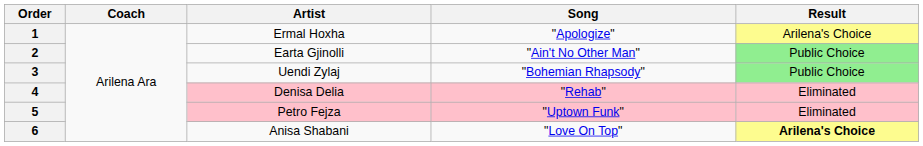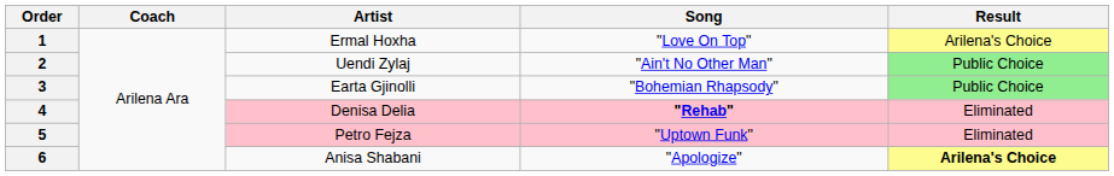 <table class="wikitable" style="text-align:center; width:75%;">
 <tr>
 <th width="05%">Order</th>
 <th width="10%">Coach</th>
 <th width="20%">Artist</th>
 <th width="25%">Song</th>
 <th width="15%">Result</th>
 </tr>
 <tr>
 <th>1</th>
 <td rowspan="6">Arilena Ara</td>
 <td>Ermal Hoxha</td>
-<td>"<a href='#'>Apologize</a>"</td>
+<td>"<a href='#'>Love On Top</a>"</td>
 <td style="background-color:#fdfc8f;">Arilena's Choice</td>
 </tr>
 <tr>
 <th>2</th>
-<td>Earta Gjinolli</td>
+<td>Uendi Zylaj</td>
 <td>"<a href='#'>Ain't No Other Man</a>"</td>
 <td style="background-color:lightgreen;">Public Choice</td>
 </tr>
 <tr>
 <th>3</th>
-<td>Uendi Zylaj</td>
+<td>Earta Gjinolli</td>
 <td>"<a href='#'>Bohemian Rhapsody</a>"</td>
 <td style="background-color:lightgreen;">Public Choice</td>
 </tr>
 <tr>
 <th>4</th>
 <td style="background-color:pink;">Denisa Delia</td>
-<td style="background-color:pink;">"<a href='#'>Rehab</a>"</td>
+<td style="background-color:pink;"><strong>"<a href='#'>Rehab</a>"</strong></td>
 <td style="background-color:pink;">Eliminated</td>
 </tr>
 <tr>
 <th>5</th>
 <td style="background-color:pink;">Petro Fejza</td>
 <td style="background-color:pink;">"<a href='#'>Uptown Funk</a>"</td>
 <td style="background-color:pink;">Eliminated</td>
 </tr>
 <tr>
 <th>6</th>
 <td>Anisa Shabani</td>
-<td>"<a href='#'>Love On Top</a>"</td>
+<td>"<a href='#'>Apologize</a>"</td>
 <td style="background-color:#fdfc8f;"><strong>Arilena's Choice</strong></td>
 </tr>
 </table>
